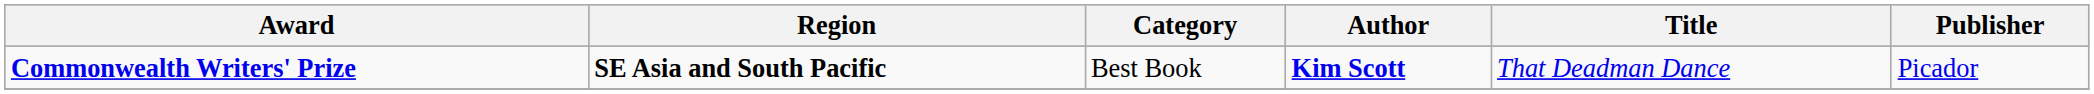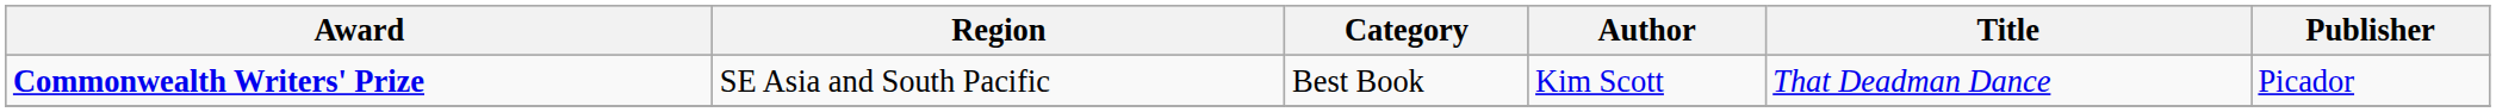 <table class="wikitable" width=100%>
 <tr>
 <th>Award</th>
 <th>Region</th>
 <th>Category</th>
 <th>Author</th>
 <th>Title</th>
 <th>Publisher</th>
 </tr>
 <tr>
 <td><strong><a href='#'>Commonwealth Writers' Prize</a></strong></td>
-<td><strong>SE Asia and South Pacific</strong></td>
+<td>SE Asia and South Pacific</td>
 <td>Best Book</td>
-<td><strong><a href='#'>Kim Scott</a></strong></td>
+<td><a href='#'>Kim Scott</a></td>
 <td><em><a href='#'>That Deadman Dance</a></em></td>
 <td><a href='#'>Picador</a></td>
 </tr>
 <tr>
 </tr>
 </table>
